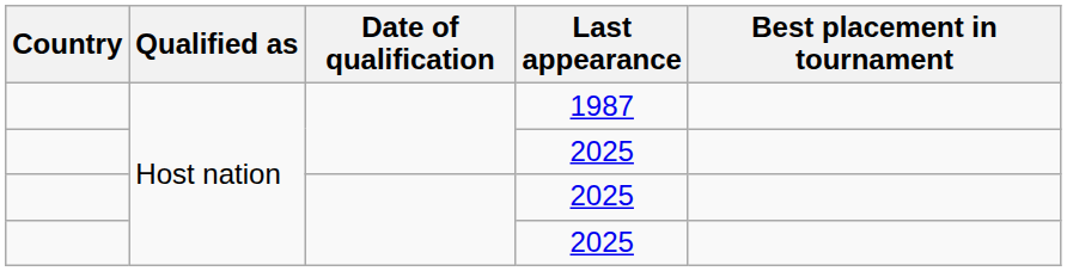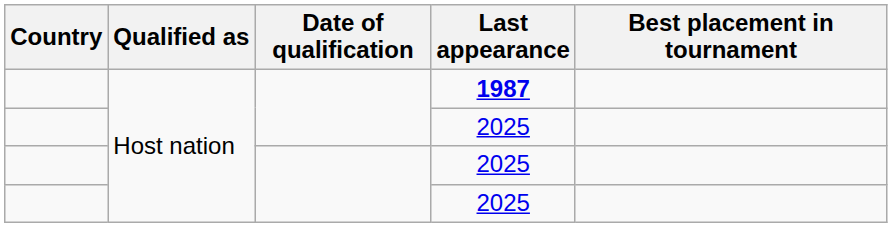 <table class="wikitable sortable">
 <tr>
 <th>Country</th>
 <th>Qualified as</th>
 <th scope="col" width="110">Date of qualification</th>
 <th scope="col" width="50">Last appearance</th>
 <th scope="col" width="200">Best placement in tournament</th>
 </tr>
 <tr>
 <td></td>
 <td rowspan=4>Host nation</td>
 <td rowspan=2></td>
-<td align="center"><a href='#'>1987</a></td>
+<td align="center"><strong><a href='#'>1987</a></strong></td>
 <td></td>
 </tr>
 <tr>
 <td></td>
 <td align="center"><a href='#'>2025</a></td>
 <td></td>
 </tr>
 <tr>
 <td></td>
 <td rowspan=2></td>
 <td align="center"><a href='#'>2025</a></td>
 <td></td>
 </tr>
 <tr>
 <td></td>
 <td align="center"><a href='#'>2025</a></td>
 <td></td>
 </tr>
 </table>
